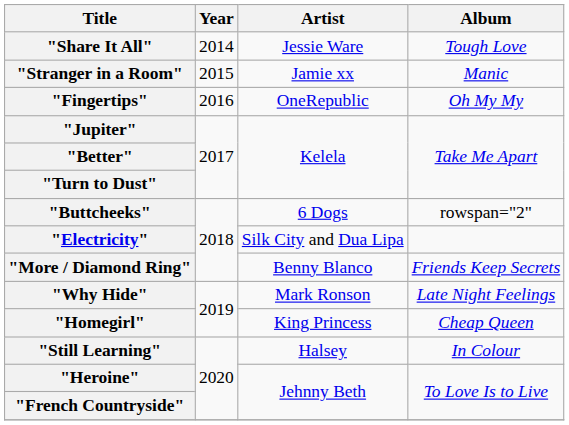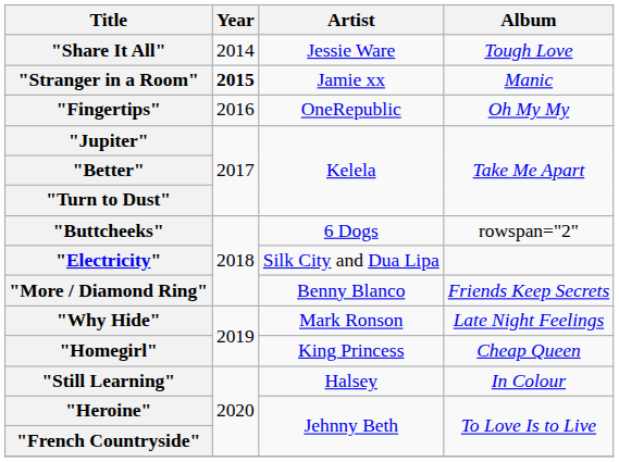 <table class="wikitable plainrowheaders" style="text-align:center;">
 <tr>
 <th scope="col">Title</th>
 <th scope="col">Year</th>
 <th scope="col">Artist</th>
 <th scope="col">Album</th>
 </tr>
 <tr>
 <th scope="row">"Share It All"</th>
 <td>2014</td>
 <td><a href='#'>Jessie Ware</a></td>
 <td><em><a href='#'>Tough Love</a></em></td>
 </tr>
 <tr>
 <th scope="row">"Stranger in a Room"<br></th>
-<td>2015</td>
+<td><strong>2015</strong></td>
 <td><a href='#'>Jamie xx</a></td>
 <td><em><a href='#'>Manic</a></em></td>
 </tr>
 <tr>
 <th scope="row">"Fingertips"</th>
 <td>2016</td>
 <td><a href='#'>OneRepublic</a></td>
 <td><em><a href='#'>Oh My My</a></em></td>
 </tr>
 <tr>
 <th scope="row">"Jupiter"</th>
 <td rowspan="3">2017</td>
 <td rowspan="3"><a href='#'>Kelela</a></td>
 <td rowspan="3"><em><a href='#'>Take Me Apart</a></em></td>
 </tr>
 <tr>
 <th scope="row">"Better"</th>
 </tr>
 <tr>
 <th scope="row">"Turn to Dust"</th>
 </tr>
 <tr>
 <th scope="row">"Buttcheeks"</th>
 <td rowspan="3">2018</td>
 <td><a href='#'>6 Dogs</a></td>
 <td>rowspan="2" </td>
 </tr>
 <tr>
 <th scope="row">"<a href='#'>Electricity</a>"</th>
 <td><a href='#'>Silk City</a> and <a href='#'>Dua Lipa</a></td>
 </tr>
 <tr>
 <th scope="row">"More / Diamond Ring"<br></th>
 <td><a href='#'>Benny Blanco</a></td>
 <td><em><a href='#'>Friends Keep Secrets</a></em></td>
 </tr>
 <tr>
 <th scope="row">"Why Hide"<br></th>
 <td rowspan="2">2019</td>
 <td><a href='#'>Mark Ronson</a></td>
 <td><em><a href='#'>Late Night Feelings</a></em></td>
 </tr>
 <tr>
 <th scope="row">"Homegirl"</th>
 <td><a href='#'>King Princess</a></td>
 <td><em><a href='#'>Cheap Queen</a></em></td>
 </tr>
 <tr>
 <th scope="row">"Still Learning"</th>
 <td rowspan="3">2020</td>
 <td><a href='#'>Halsey</a></td>
 <td><em><a href='#'>In Colour</a></em></td>
 </tr>
 <tr>
 <th scope="row">"Heroine"</th>
 <td rowspan="2"><a href='#'>Jehnny Beth</a></td>
 <td rowspan="2"><em><a href='#'>To Love Is to Live</a></em></td>
 </tr>
 <tr>
 <th scope="row">"French Countryside"</th>
 </tr>
 <tr>
 </tr>
 </table>
